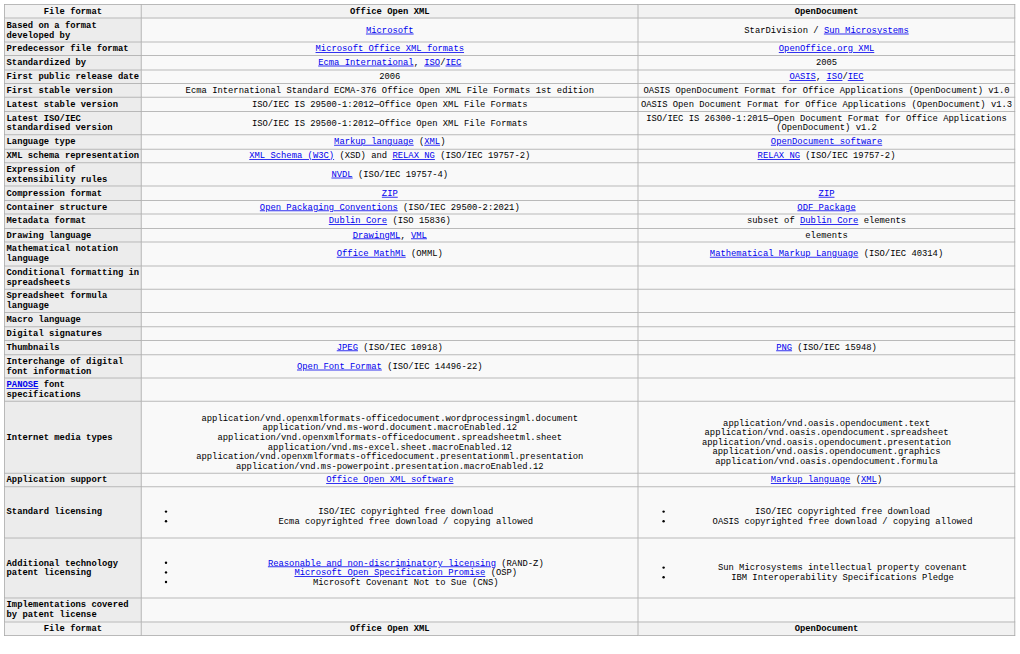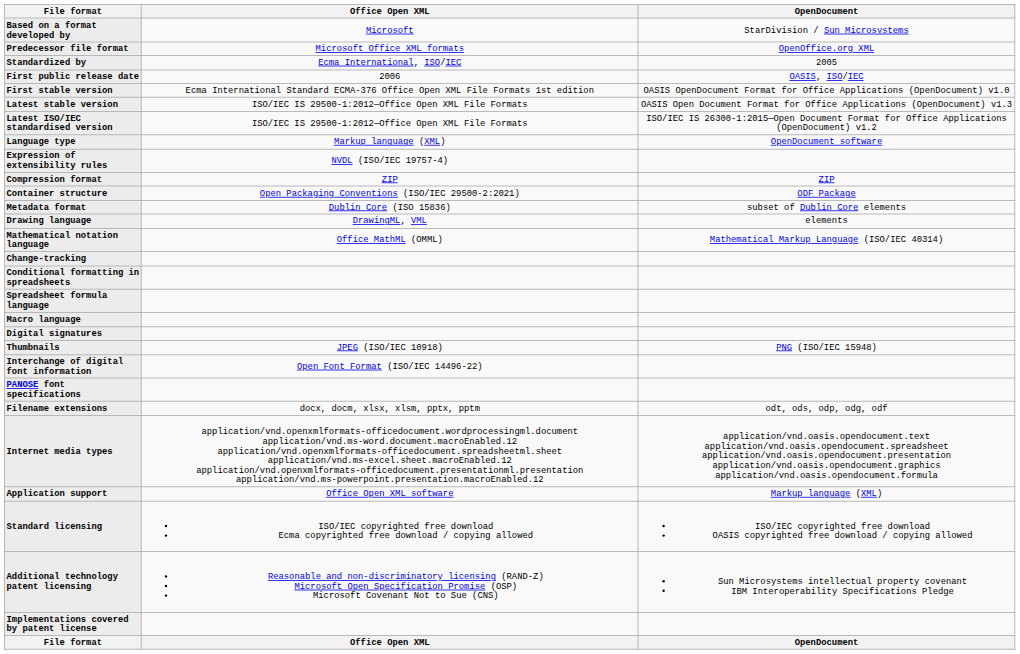 <table class="wikitable sortable" style="font-size:85%; border:gray solid 1px; text-align:center; width:100%;">
 <tr style="background: #ececec">
 <th style="width:15em">File format</th>
 <th>Office Open XML</th>
 <th>OpenDocument</th>
 </tr>
 <tr>
 <th style="text-align:left; background: #ececec;">Based on a format<br>developed by</th>
 <td><a href='#'>Microsoft</a></td>
 <td>StarDivision / <a href='#'>Sun Microsystems</a></td>
 </tr>
 <tr>
 <th style="text-align:left; background: #ececec;">Predecessor file format</th>
 <td><a href='#'>Microsoft Office XML formats</a></td>
 <td><a href='#'>OpenOffice.org XML</a></td>
 </tr>
 <tr>
 <th style="text-align:left; background: #ececec;">Standardized by</th>
 <td><a href='#'>Ecma International</a>, <a href='#'>ISO</a>/<a href='#'>IEC</a></td>
 <td>2005</td>
 </tr>
 <tr>
 <th style="text-align:left; background: #ececec;">First public release date</th>
 <td>2006</td>
 <td><a href='#'>OASIS</a>, <a href='#'>ISO</a>/<a href='#'>IEC</a></td>
 </tr>
 <tr>
 <th style="text-align:left; background: #ececec;">First stable version</th>
 <td>Ecma International Standard ECMA-376 Office Open XML File Formats 1st edition</td>
 <td>OASIS OpenDocument Format for Office Applications (OpenDocument) v1.0</td>
 </tr>
 <tr>
 <th style="text-align:left; background: #ececec;">Latest stable version</th>
 <td>ISO/IEC IS 29500-1:2012—Office Open XML File Formats</td>
 <td>OASIS Open Document Format for Office Applications (OpenDocument) v1.3</td>
 </tr>
 <tr>
 <th style="text-align:left; background: #ececec;">Latest ISO/IEC standardised version</th>
 <td>ISO/IEC IS 29500-1:2012—Office Open XML File Formats</td>
 <td>ISO/IEC IS 26300-1:2015—Open Document Format for Office Applications (OpenDocument) v1.2</td>
 </tr>
 <tr>
 <th style="text-align:left; background: #ececec;">Language type</th>
 <td><a href='#'>Markup language</a> (<a href='#'>XML</a>)</td>
 <td><a href='#'>OpenDocument software</a></td>
 </tr>
 <tr>
-<th style="text-align:left; background: #ececec;">XML schema representation</th>
-<td><a href='#'>XML Schema (W3C)</a> (XSD) and <a href='#'>RELAX NG</a> (ISO/IEC 19757-2)</td>
-<td><a href='#'>RELAX NG</a> (ISO/IEC 19757-2)</td>
-</tr>
-<tr>
 <th style="text-align:left; background: #ececec;">Expression of extensibility rules</th>
 <td><a href='#'>NVDL</a> (ISO/IEC 19757-4)</td>
 <td></td>
 </tr>
 <tr>
 <th style="text-align:left; background: #ececec;">Compression format</th>
 <td><a href='#'>ZIP</a></td>
 <td><a href='#'>ZIP</a></td>
 </tr>
 <tr>
 <th style="text-align:left; background: #ececec;">Container structure</th>
 <td><a href='#'>Open Packaging Conventions</a> (ISO/IEC 29500-2:2021)</td>
 <td><a href='#'>ODF Package</a></td>
 </tr>
 <tr>
 <th style="text-align:left; background: #ececec;">Metadata format</th>
 <td><a href='#'>Dublin Core</a> (ISO 15836)</td>
 <td>subset of <a href='#'>Dublin Core</a> elements</td>
 </tr>
 <tr>
 <th style="text-align:left; background: #ececec;">Drawing language</th>
 <td><a href='#'>DrawingML</a>, <a href='#'>VML</a></td>
 <td> elements</td>
 </tr>
 <tr>
 <th style="text-align:left; background: #ececec;">Mathematical notation language</th>
 <td><a href='#'>Office MathML</a> (OMML)</td>
 <td><a href='#'>Mathematical Markup Language</a> (ISO/IEC 40314)</td>
+</tr>
+<tr>
+<th style="text-align:left; background: #ececec;">Change-tracking</th>
+<td></td>
+<td></td>
 </tr>
 <tr>
 <th style="text-align:left; background: #ececec;">Conditional formatting in spreadsheets</th>
 <td></td>
 <td></td>
 </tr>
 <tr>
 <th style="text-align:left; background: #ececec;">Spreadsheet formula language</th>
 <td></td>
 <td></td>
 </tr>
 <tr>
 <th style="text-align:left; background: #ececec;">Macro language</th>
 <td></td>
 <td></td>
 </tr>
 <tr>
 <th style="text-align:left; background: #ececec;">Digital signatures</th>
 <td></td>
 <td></td>
 </tr>
 <tr>
 <th style="text-align:left; background: #ececec;">Thumbnails</th>
 <td><a href='#'>JPEG</a> (ISO/IEC 10918)</td>
 <td><a href='#'>PNG</a> (ISO/IEC 15948)</td>
 </tr>
 <tr>
 <th style="text-align:left; background: #ececec;">Interchange of digital font information</th>
 <td><a href='#'>Open Font Format</a> (ISO/IEC 14496-22)</td>
 <td></td>
 </tr>
 <tr>
 <th style="text-align:left; background: #ececec;"><a href='#'>PANOSE</a> font specifications</th>
 <td></td>
 <td></td>
 </tr>
 <tr>
+<th style="text-align:left; background: #ececec;">Filename extensions</th>
+<td><code>docx, docm, xlsx, xlsm, pptx, pptm</code></td>
+<td><code>odt, ods, odp, odg, odf</code></td>
+</tr>
+<tr>
 <th style="text-align:left; background: #ececec;">Internet media types</th>
 <td><br><code>application/vnd.openxmlformats-officedocument.wordprocessingml.document<br> application/vnd.ms-word.document.macroEnabled.12<br> application/vnd.openxmlformats-officedocument.spreadsheetml.sheet<br> application/vnd.ms-excel.sheet.macroEnabled.12<br> application/vnd.openxmlformats-officedocument.presentationml.presentation application/vnd.ms-powerpoint.presentation.macroEnabled.12</code></td>
 <td><br><code>application/vnd.oasis.opendocument.text<br> application/vnd.oasis.opendocument.spreadsheet<br> application/vnd.oasis.opendocument.presentation<br> application/vnd.oasis.opendocument.graphics<br> application/vnd.oasis.opendocument.formula</code></td>
 </tr>
 <tr>
 <th style="text-align:left; background: #ececec;">Application support</th>
 <td><a href='#'>Office Open XML software</a></td>
 <td><a href='#'>Markup language</a> (<a href='#'>XML</a>)</td>
 </tr>
 <tr>
 <th style="text-align:left; background: #ececec;">Standard licensing</th>
 <td><br><ul><li>ISO/IEC copyrighted free download</li><li>Ecma copyrighted free download / copying allowed</li></ul></td>
 <td><br><ul><li>ISO/IEC copyrighted free download</li><li>OASIS copyrighted free download / copying allowed</li></ul></td>
 </tr>
 <tr>
 <th style="text-align:left; background: #ececec;">Additional technology patent licensing</th>
 <td><br><ul><li><a href='#'>Reasonable and non-discriminatory licensing</a> (RAND-Z)</li><li><a href='#'>Microsoft Open Specification Promise</a> (OSP)</li><li>Microsoft Covenant Not to Sue (CNS)</li></ul></td>
 <td><br><ul><li>Sun Microsystems intellectual property covenant</li><li>IBM Interoperability Specifications Pledge</li></ul></td>
 </tr>
 <tr>
 <th style="text-align:left; background: #ececec;">Implementations covered by patent license</th>
 <td></td>
 <td></td>
 </tr>
 <tr style="background: #ececec" class="sortbottom">
 <th>File format</th>
 <th>Office Open XML</th>
 <th>OpenDocument</th>
 </tr>
 </table>
